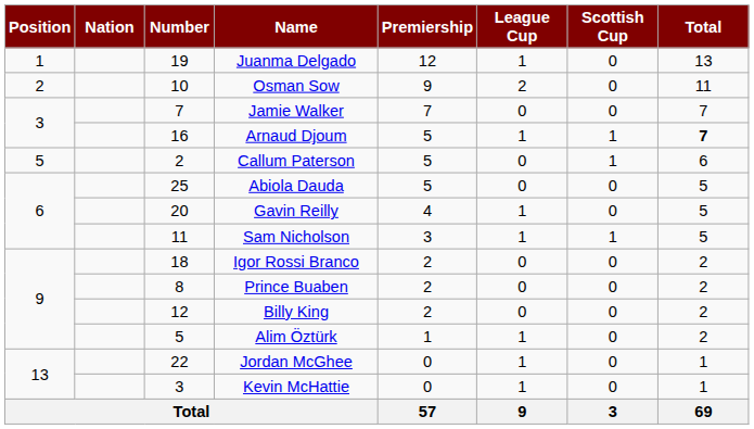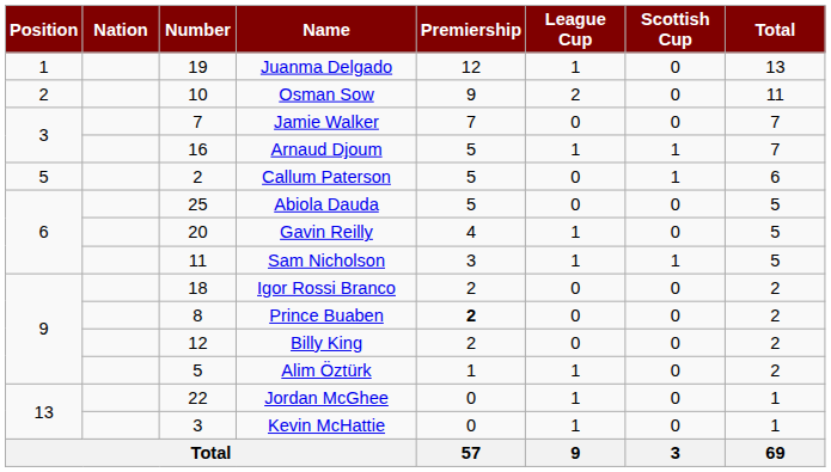 <table class="wikitable" style="font-size: 95%; text-align: center;">
 <tr>
 <th style="background:maroon; color:white;" scope="col" width=60>Position</th>
 <th style="background:maroon; color:white;" scope="col" width=60>Nation</th>
 <th style="background:maroon; color:white;" scope="col" width=60>Number</th>
 <th style="background:maroon; color:white;" scope="col" width=150>Name</th>
 <th style="background:maroon; color:white;" scope="col" width=80>Premiership</th>
 <th style="background:maroon; color:white;" scope="col" width=80>League Cup</th>
 <th style="background:maroon; color:white;" scope="col" width=80>Scottish Cup</th>
 <th style="background:maroon; color:white;" scope="col" width=80>Total</th>
 </tr>
 <tr>
 <td rowspan="1">1</td>
 <td></td>
 <td>19</td>
 <td><a href='#'>Juanma Delgado</a></td>
 <td>12</td>
 <td>1</td>
 <td>0</td>
 <td>13</td>
 </tr>
 <tr>
 <td rowspan="1">2</td>
 <td></td>
 <td>10</td>
 <td><a href='#'>Osman Sow</a></td>
 <td>9</td>
 <td>2</td>
 <td>0</td>
 <td>11</td>
 </tr>
 <tr>
 <td rowspan="2">3</td>
 <td></td>
 <td>7</td>
 <td><a href='#'>Jamie Walker</a></td>
 <td>7</td>
 <td>0</td>
 <td>0</td>
 <td>7</td>
 </tr>
 <tr>
 <td></td>
 <td>16</td>
 <td><a href='#'>Arnaud Djoum</a></td>
 <td>5</td>
 <td>1</td>
 <td>1</td>
-<td><strong>7</strong></td>
+<td>7</td>
 </tr>
 <tr>
 <td rowspan="1">5</td>
 <td></td>
 <td>2</td>
 <td><a href='#'>Callum Paterson</a></td>
 <td>5</td>
 <td>0</td>
 <td>1</td>
 <td>6</td>
 </tr>
 <tr>
 <td rowspan="3">6</td>
 <td></td>
 <td>25</td>
 <td><a href='#'>Abiola Dauda</a></td>
 <td>5</td>
 <td>0</td>
 <td>0</td>
 <td>5</td>
 </tr>
 <tr>
 <td></td>
 <td>20</td>
 <td><a href='#'>Gavin Reilly</a></td>
 <td>4</td>
 <td>1</td>
 <td>0</td>
 <td>5</td>
 </tr>
 <tr>
 <td></td>
 <td>11</td>
 <td><a href='#'>Sam Nicholson</a></td>
 <td>3</td>
 <td>1</td>
 <td>1</td>
 <td>5</td>
 </tr>
 <tr>
 <td rowspan="4">9</td>
 <td></td>
 <td>18</td>
 <td><a href='#'>Igor Rossi Branco</a></td>
 <td>2</td>
 <td>0</td>
 <td>0</td>
 <td>2</td>
 </tr>
 <tr>
 <td></td>
 <td>8</td>
 <td><a href='#'>Prince Buaben</a></td>
-<td>2</td>
+<td><strong>2</strong></td>
 <td>0</td>
 <td>0</td>
 <td>2</td>
 </tr>
 <tr>
 <td></td>
 <td>12</td>
 <td><a href='#'>Billy King</a></td>
 <td>2</td>
 <td>0</td>
 <td>0</td>
 <td>2</td>
 </tr>
 <tr>
 <td></td>
 <td>5</td>
 <td><a href='#'>Alim Öztürk</a></td>
 <td>1</td>
 <td>1</td>
 <td>0</td>
 <td>2</td>
 </tr>
 <tr>
 <td rowspan="2">13</td>
 <td></td>
 <td>22</td>
 <td><a href='#'>Jordan McGhee</a></td>
 <td>0</td>
 <td>1</td>
 <td>0</td>
 <td>1</td>
 </tr>
 <tr>
 <td></td>
 <td>3</td>
 <td><a href='#'>Kevin McHattie</a></td>
 <td>0</td>
 <td>1</td>
 <td>0</td>
 <td>1</td>
 </tr>
 <tr>
 <th colspan=4>Total</th>
 <th>57</th>
 <th>9</th>
 <th>3</th>
 <th>69</th>
 </tr>
 </table>
